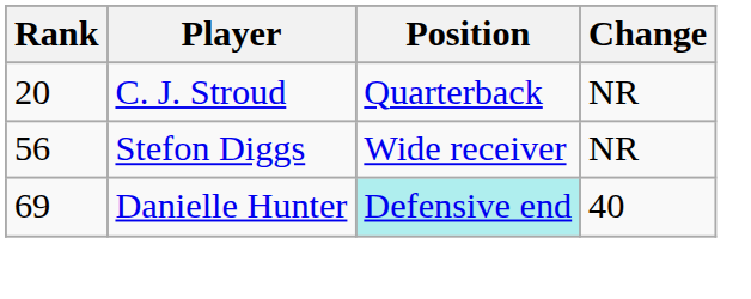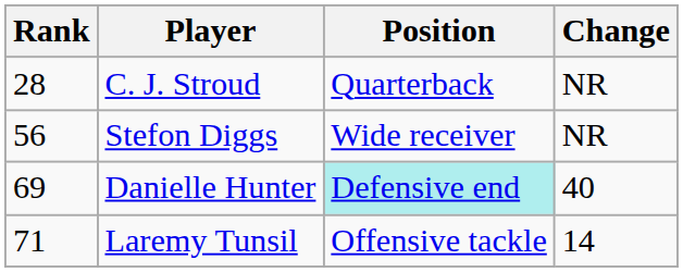 <table class="wikitable">
 <tr>
 <th>Rank</th>
 <th>Player</th>
 <th>Position</th>
 <th>Change</th>
 </tr>
 <tr>
-<td>20</td>
+<td>28</td>
 <td><a href='#'>C. J. Stroud</a></td>
 <td><a href='#'>Quarterback</a></td>
 <td>NR</td>
 </tr>
 <tr>
 <td>56</td>
 <td><a href='#'>Stefon Diggs</a></td>
 <td><a href='#'>Wide receiver</a></td>
 <td>NR</td>
 </tr>
 <tr>
 <td>69</td>
 <td><a href='#'>Danielle Hunter</a></td>
 <td style="background: paleturquoise;"><a href='#'>Defensive end</a></td>
 <td> 40</td>
 </tr>
+<tr>
+<td>71</td>
+<td><a href='#'>Laremy Tunsil</a></td>
+<td><a href='#'>Offensive tackle</a></td>
+<td> 14</td>
+</tr>
 </table>
